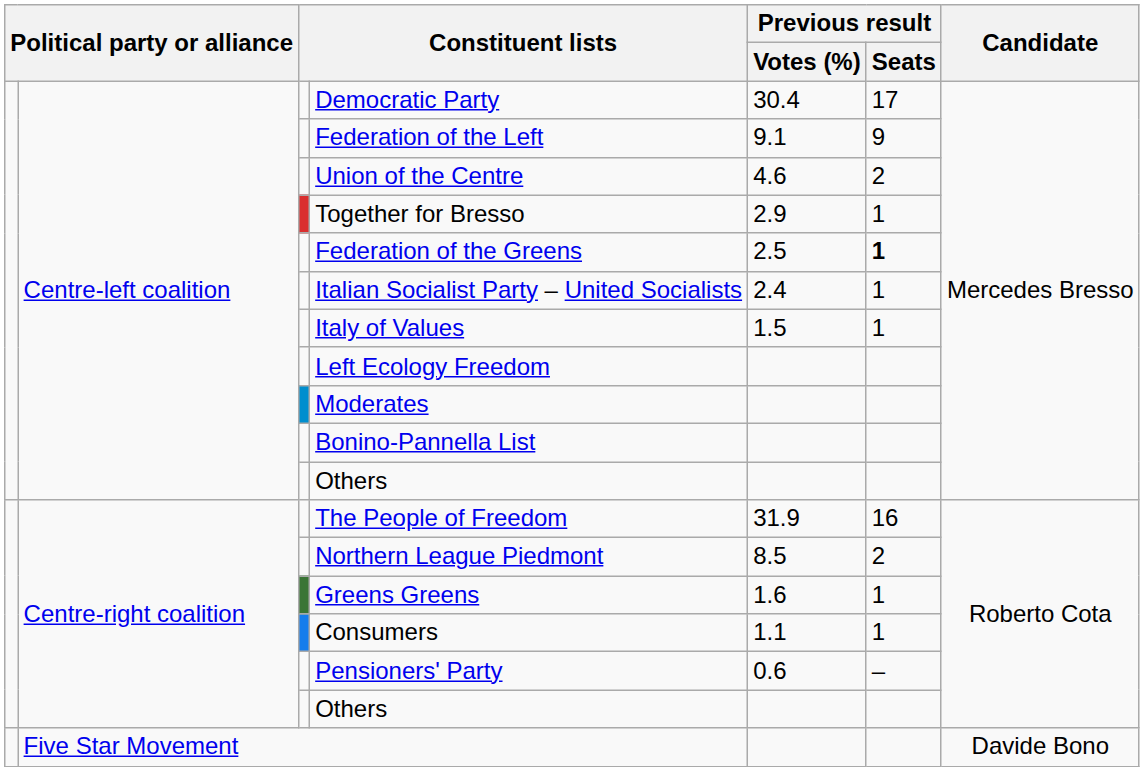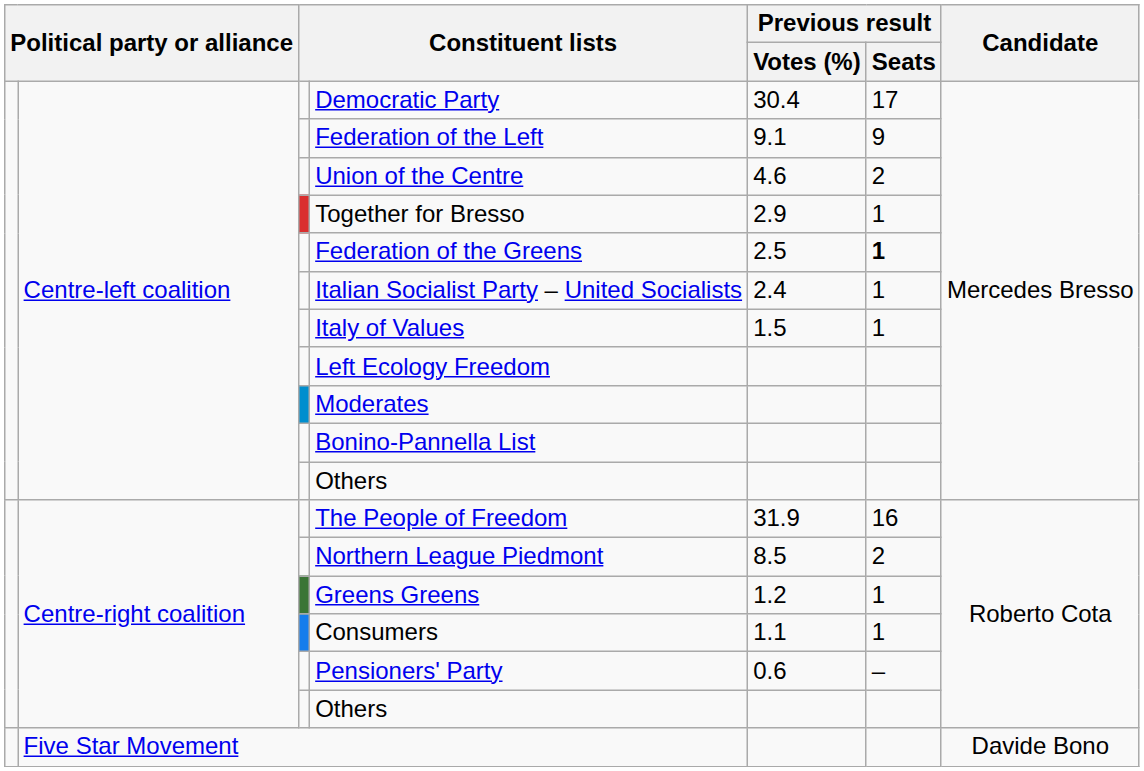 <table class="wikitable" style="text-align:left">
 <tr>
 <th colspan=2 rowspan="2">Political party or alliance</th>
 <th colspan=2 rowspan="2">Constituent lists</th>
 <th colspan="2">Previous result</th>
 <th rowspan="2">Candidate</th>
 </tr>
 <tr>
 <th>Votes (%)</th>
 <th>Seats</th>
 </tr>
 <tr>
 <td rowspan="11"></td>
 <td rowspan="11"><a href='#'>Centre-left coalition</a></td>
 <td></td>
 <td style="text-align:left;"><a href='#'>Democratic Party</a></td>
 <td>30.4</td>
 <td>17</td>
 <td rowspan="11" style="text-align: center;">Mercedes Bresso</td>
 </tr>
 <tr>
 <td></td>
 <td><a href='#'>Federation of the Left</a></td>
 <td>9.1</td>
 <td>9</td>
 </tr>
 <tr>
 <td></td>
 <td style="text-align:left;"><a href='#'>Union of the Centre</a></td>
 <td>4.6</td>
 <td>2</td>
 </tr>
 <tr>
 <td bgcolor="#DA2E2E"></td>
 <td style="text-align:left;">Together for Bresso</td>
 <td>2.9</td>
 <td>1</td>
 </tr>
 <tr>
 <td></td>
 <td><a href='#'>Federation of the Greens</a></td>
 <td>2.5</td>
 <td><strong>1</strong></td>
 </tr>
 <tr>
 <td></td>
 <td><a href='#'>Italian Socialist Party</a> – <a href='#'>United Socialists</a></td>
 <td>2.4</td>
 <td>1</td>
 </tr>
 <tr>
 <td></td>
 <td><a href='#'>Italy of Values</a></td>
 <td>1.5</td>
 <td>1</td>
 </tr>
 <tr>
 <td></td>
 <td><a href='#'>Left Ecology Freedom</a></td>
 <td></td>
 <td></td>
 </tr>
 <tr>
 <td bgcolor="#008ECE"></td>
 <td><a href='#'>Moderates</a></td>
 <td></td>
 <td></td>
 </tr>
 <tr>
 <td></td>
 <td><a href='#'>Bonino-Pannella List</a></td>
 <td></td>
 <td></td>
 </tr>
 <tr>
 <td></td>
 <td style="text-align:left;">Others</td>
 <td></td>
 <td></td>
 </tr>
 <tr>
 <td rowspan="6" style="background:"></td>
 <td rowspan=6><a href='#'>Centre-right coalition</a></td>
 <td></td>
 <td style="text-align:left;"><a href='#'>The People of Freedom</a></td>
 <td>31.9</td>
 <td>16</td>
 <td rowspan="6" style="text-align: center;">Roberto Cota</td>
 </tr>
 <tr>
 <td></td>
 <td><a href='#'>Northern League Piedmont</a></td>
 <td>8.5</td>
 <td>2</td>
 </tr>
 <tr>
 <td bgcolor="#3A7535"></td>
 <td><a href='#'>Greens Greens</a></td>
-<td>1.6</td>
+<td>1.2</td>
 <td>1</td>
 </tr>
 <tr>
 <td bgcolor="157DEC"></td>
 <td>Consumers</td>
 <td>1.1</td>
 <td>1</td>
 </tr>
 <tr>
 <td></td>
 <td><a href='#'>Pensioners' Party</a></td>
 <td>0.6</td>
 <td>–</td>
 </tr>
 <tr>
 <td></td>
 <td style="text-align:left;">Others</td>
 <td></td>
 <td></td>
 </tr>
 <tr>
 <td></td>
 <td colspan="3"><a href='#'>Five Star Movement</a></td>
 <td></td>
 <td></td>
 <td style="text-align: center;">Davide Bono</td>
 </tr>
 </table>
